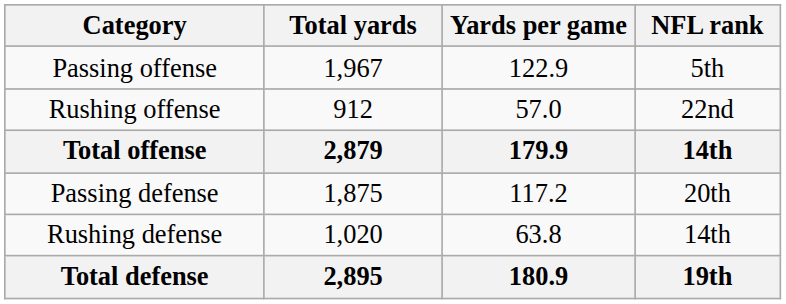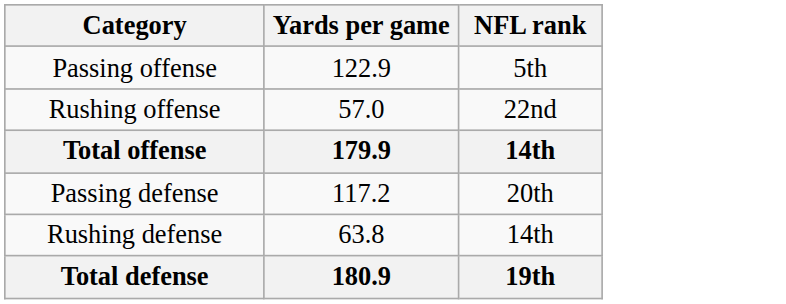 <table class="wikitable" style="text-align:center">
 <tr>
 <th width=150px>Category</th>
-<th width=100px>Total yards</th>
 <th width=110px>Yards per game</th>
 <th width=80px>NFL rank<br></th>
 </tr>
 <tr>
 <td>Passing offense</td>
-<td>1,967</td>
 <td>122.9</td>
 <td>5th</td>
 </tr>
 <tr>
 <td>Rushing offense</td>
-<td>912</td>
 <td>57.0</td>
 <td>22nd</td>
 </tr>
 <tr>
 <th>Total offense</th>
-<th>2,879</th>
 <th>179.9</th>
 <th>14th</th>
 </tr>
 <tr>
 <td>Passing defense</td>
-<td>1,875</td>
 <td>117.2</td>
 <td>20th</td>
 </tr>
 <tr>
 <td>Rushing defense</td>
-<td>1,020</td>
 <td>63.8</td>
 <td>14th</td>
 </tr>
 <tr>
 <th>Total defense</th>
-<th>2,895</th>
 <th>180.9</th>
 <th>19th</th>
 </tr>
 </table>
